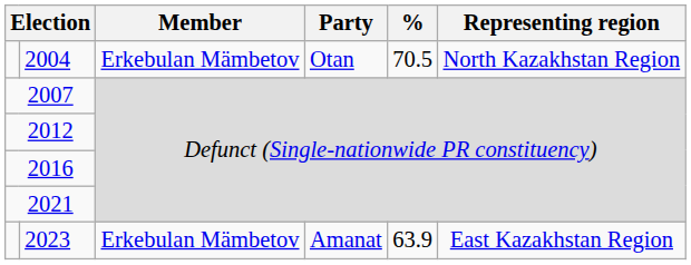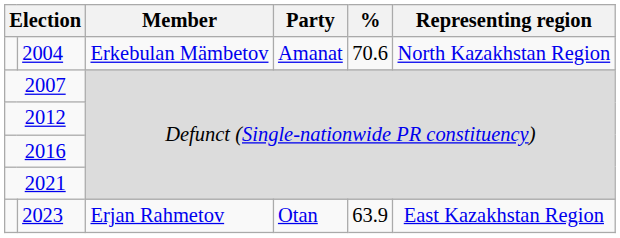 <table class="wikitable">
 <tr>
 <th colspan="2">Election</th>
 <th>Member</th>
 <th>Party</th>
 <th>%</th>
 <th>Representing region</th>
 </tr>
 <tr>
 <td style="background-color: "></td>
 <td><a href='#'>2004</a></td>
 <td><a href='#'>Erkebulan Mämbetov</a></td>
-<td><a href='#'>Otan</a></td>
-<td align="right">70.5</td>
+<td><a href='#'>Amanat</a></td>
+<td align="right">70.6</td>
 <td align="center"><a href='#'>North Kazakhstan Region</a></td>
 </tr>
 <tr>
 <td colspan="2" align="center"><a href='#'>2007</a></td>
 <td colspan="4" rowspan="4" align="center" style="background-color:#DCDCDC"><em>Defunct (<a href='#'>Single-nationwide PR constituency</a>)</em></td>
 </tr>
 <tr>
 <td colspan="2" align="center"><a href='#'>2012</a></td>
 </tr>
 <tr>
 <td colspan="2" align="center"><a href='#'>2016</a></td>
 </tr>
 <tr>
 <td colspan="2" align="center"><a href='#'>2021</a></td>
 </tr>
 <tr>
 <td style="background-color: "></td>
 <td><a href='#'>2023</a></td>
-<td><a href='#'>Erkebulan Mämbetov</a></td>
-<td><a href='#'>Amanat</a></td>
+<td><a href='#'>Erjan Rahmetov</a></td>
+<td><a href='#'>Otan</a></td>
 <td align="right">63.9</td>
 <td align="center"><a href='#'>East Kazakhstan Region</a></td>
 </tr>
 </table>
